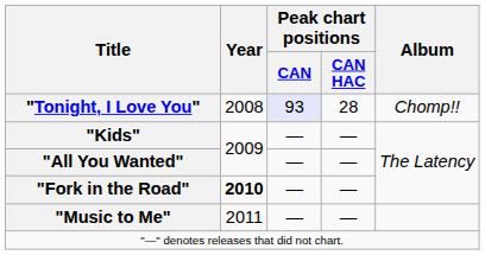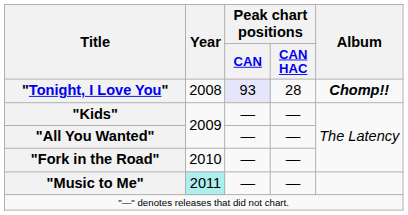 <table class="wikitable plainrowheaders" style="text-align:center;" border="1">
 <tr>
 <th rowspan="2" style="width:12em;">Title</th>
 <th rowspan="2">Year</th>
 <th colspan="2">Peak chart positions</th>
 <th rowspan="2">Album</th>
 </tr>
 <tr>
 <th scope="col" style="width:3em;font-size:90%;"><a href='#'>CAN</a><br></th>
 <th scope="col" style="width:3em;font-size:90%;"><a href='#'>CAN<br>HAC</a><br></th>
 </tr>
 <tr>
 <th scope="row">"<a href='#'>Tonight, I Love You</a>"</th>
 <td>2008</td>
 <td style="background: lavender;">93</td>
 <td>28</td>
-<td><em>Chomp!!</em></td>
+<td><strong><em>Chomp!!</em></strong></td>
 </tr>
 <tr>
 <th scope="row">"Kids"</th>
 <td rowspan="2">2009</td>
 <td>—</td>
 <td>—</td>
 <td rowspan="3"><em>The Latency</em></td>
 </tr>
 <tr>
 <th scope="row">"All You Wanted"</th>
 <td>—</td>
 <td>—</td>
 </tr>
 <tr>
 <th scope="row">"Fork in the Road"</th>
-<td><strong>2010</strong></td>
+<td>2010</td>
 <td>—</td>
 <td>—</td>
 </tr>
 <tr>
 <th scope="row">"Music to Me"</th>
-<td>2011</td>
+<td style="background: paleturquoise;">2011</td>
 <td>—</td>
 <td>—</td>
 <td></td>
 </tr>
 <tr>
 <td colspan="10" style="font-size:8pt">"—" denotes releases that did not chart.</td>
 </tr>
 </table>
